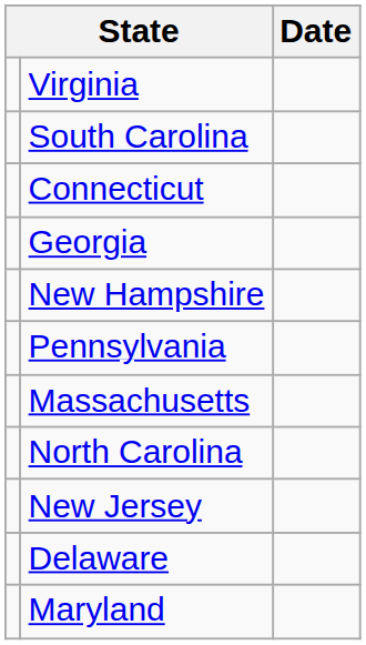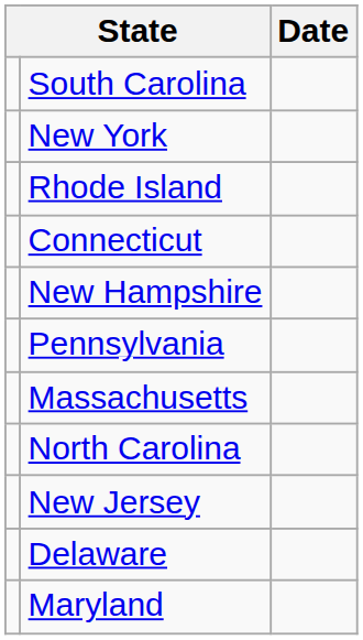 <table class="sortable wikitable" style="align:left">
 <tr>
 <th colspan=2>State</th>
 <th>Date</th>
-</tr>
-<tr>
-<td></td>
-<td> <a href='#'>Virginia</a></td>
-<td></td>
 </tr>
 <tr>
 <td></td>
 <td> <a href='#'>South Carolina</a></td>
 <td></td>
 </tr>
 <tr>
 <td></td>
-<td> <a href='#'>Connecticut</a></td>
+<td> <a href='#'>New York</a></td>
 <td></td>
 </tr>
 <tr>
 <td></td>
-<td> <a href='#'>Georgia</a></td>
+<td> <a href='#'>Rhode Island</a></td>
+<td></td>
+</tr>
+<tr>
+<td></td>
+<td> <a href='#'>Connecticut</a></td>
 <td></td>
 </tr>
 <tr>
 <td></td>
 <td> <a href='#'>New Hampshire</a></td>
 <td></td>
 </tr>
 <tr>
 <td></td>
 <td> <a href='#'>Pennsylvania</a></td>
 <td></td>
 </tr>
 <tr>
 <td></td>
 <td> <a href='#'>Massachusetts</a></td>
 <td></td>
 </tr>
 <tr>
 <td></td>
 <td> <a href='#'>North Carolina</a></td>
 <td></td>
 </tr>
 <tr>
 <td></td>
 <td> <a href='#'>New Jersey</a></td>
 <td></td>
 </tr>
 <tr>
 <td></td>
 <td> <a href='#'>Delaware</a></td>
 <td></td>
 </tr>
 <tr>
 <td></td>
 <td> <a href='#'>Maryland</a></td>
 <td></td>
 </tr>
 </table>
